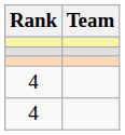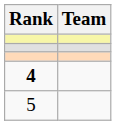 <table class="wikitable" style="text-align:center">
 <tr>
 <th>Rank</th>
 <th>Team</th>
 </tr>
 <tr style="background:#f7f6a8">
 <td></td>
 <td style="text-align:left"><strong></strong></td>
 </tr>
 <tr style="background:#e0e0e0">
 <td></td>
 <td style="text-align:left"></td>
 </tr>
 <tr style="background:#ffdab9">
 <td></td>
 <td style="text-align:left"></td>
 </tr>
 <tr>
-<td>4</td>
+<td><strong>4</strong></td>
 <td style="text-align:left"></td>
 </tr>
 <tr>
-<td>4</td>
+<td>5</td>
 <td style="text-align:left"></td>
 </tr>
 </table>
